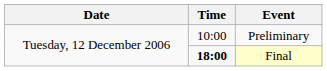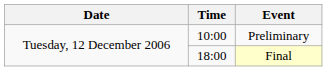 <table class = "wikitable" style="text-align:center;">
 <tr>
 <th width=220>Date</th>
 <th width=50>Time</th>
 <th width=100>Event</th>
 </tr>
 <tr>
 <td rowspan=2>Tuesday, 12 December 2006</td>
 <td>10:00</td>
 <td>Preliminary</td>
 </tr>
 <tr>
-<td><strong>18:00</strong></td>
+<td>18:00</td>
 <td bgcolor=ffffcc>Final</td>
 </tr>
 </table>
